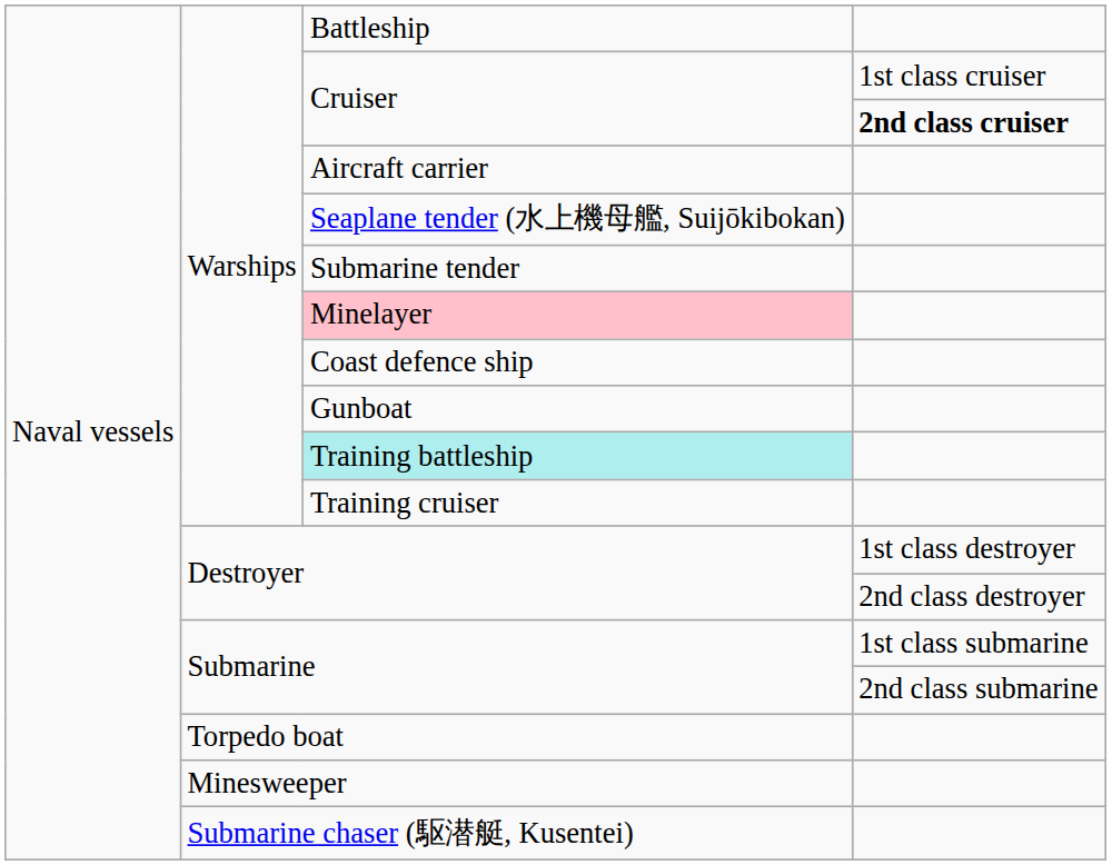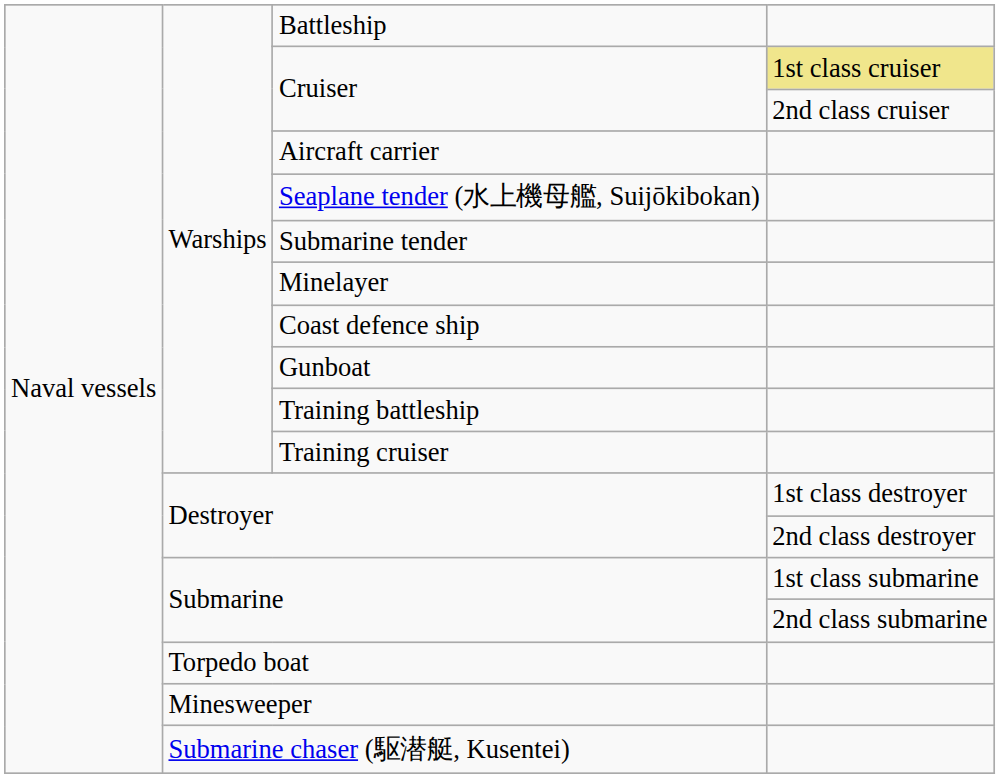 <table class="wikitable">
 <tr>
 <td rowspan="18">Naval vessels</td>
 <td rowspan="11">Warships</td>
 <td>Battleship</td>
 <td></td>
 </tr>
 <tr>
 <td rowspan="2">Cruiser</td>
-<td>1st class cruiser</td>
+<td style="background: khaki;">1st class cruiser</td>
 </tr>
 <tr>
-<td><strong>2nd class cruiser</strong></td>
+<td>2nd class cruiser</td>
 </tr>
 <tr>
 <td>Aircraft carrier</td>
 <td></td>
 </tr>
 <tr>
 <td><a href='#'>Seaplane tender</a> (水上機母艦, Suijōkibokan)</td>
 <td></td>
 </tr>
 <tr>
 <td>Submarine tender</td>
 <td></td>
 </tr>
 <tr>
-<td style="background: pink;">Minelayer</td>
+<td>Minelayer</td>
 <td></td>
 </tr>
 <tr>
 <td>Coast defence ship</td>
 <td></td>
 </tr>
 <tr>
 <td>Gunboat</td>
 <td></td>
 </tr>
 <tr>
-<td style="background: paleturquoise;">Training battleship</td>
+<td>Training battleship</td>
 <td></td>
 </tr>
 <tr>
 <td>Training cruiser</td>
 <td></td>
 </tr>
 <tr>
 <td colspan="2" rowspan="2">Destroyer</td>
 <td>1st class destroyer</td>
 </tr>
 <tr>
 <td>2nd class destroyer</td>
 </tr>
 <tr>
 <td rowspan="2" colspan="2">Submarine</td>
 <td>1st class submarine</td>
 </tr>
 <tr>
 <td>2nd class submarine</td>
 </tr>
 <tr>
 <td colspan="2">Torpedo boat</td>
 <td></td>
 </tr>
 <tr>
 <td colspan="2">Minesweeper</td>
 <td></td>
 </tr>
 <tr>
 <td colspan="2"><a href='#'>Submarine chaser</a> (駆潜艇, Kusentei)</td>
 <td></td>
 </tr>
 <tr>
 </tr>
 </table>
